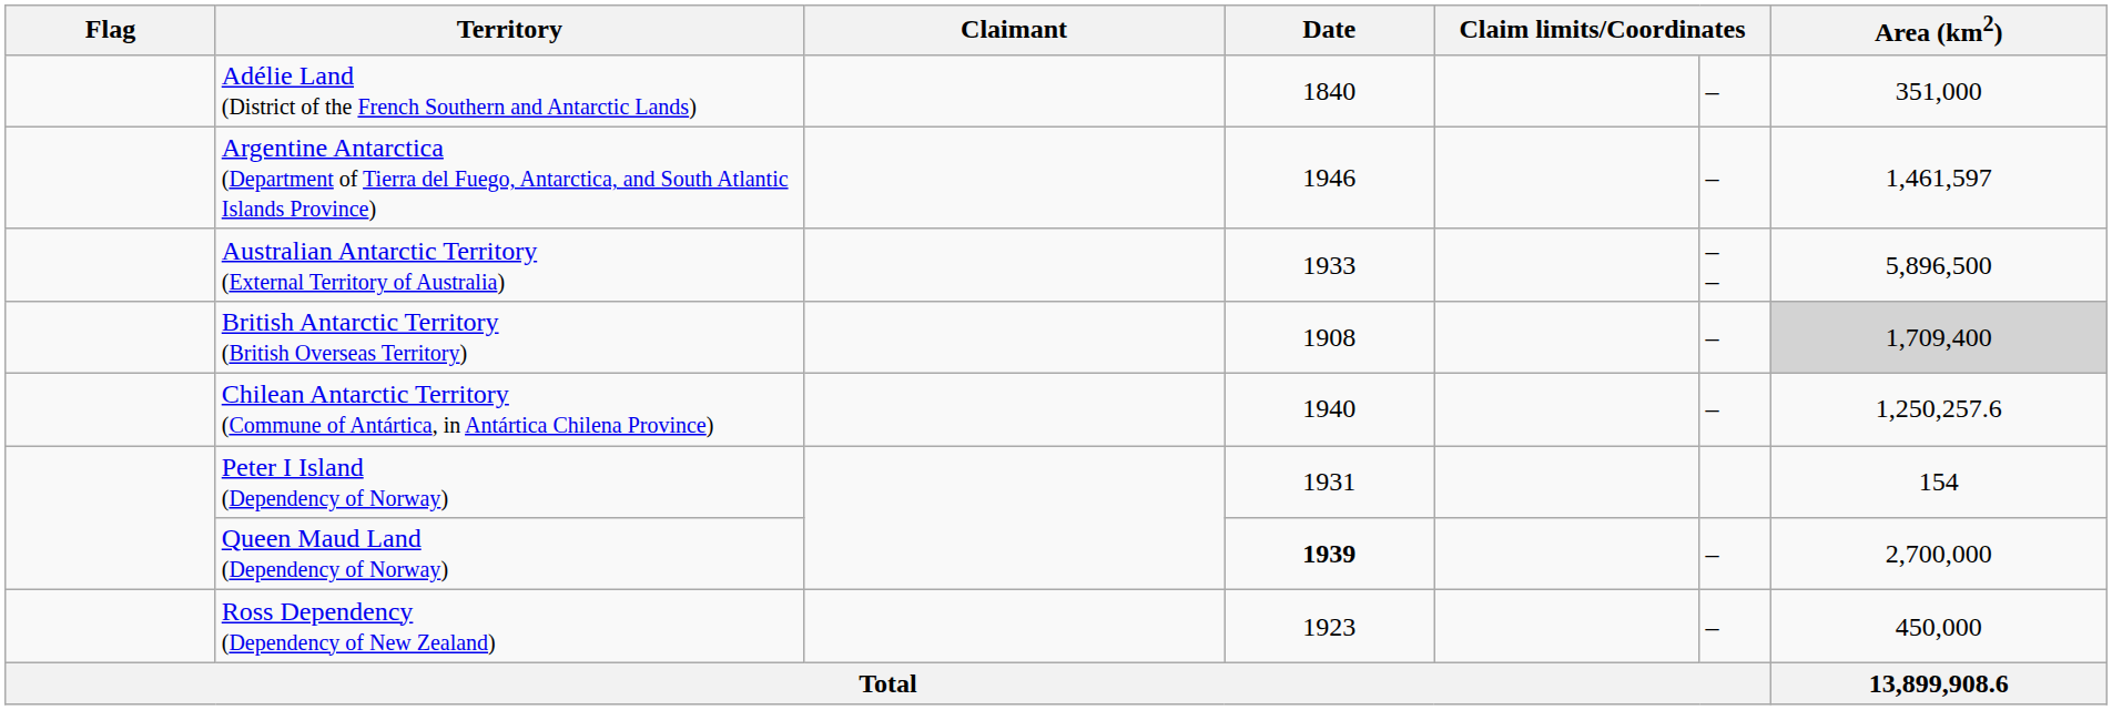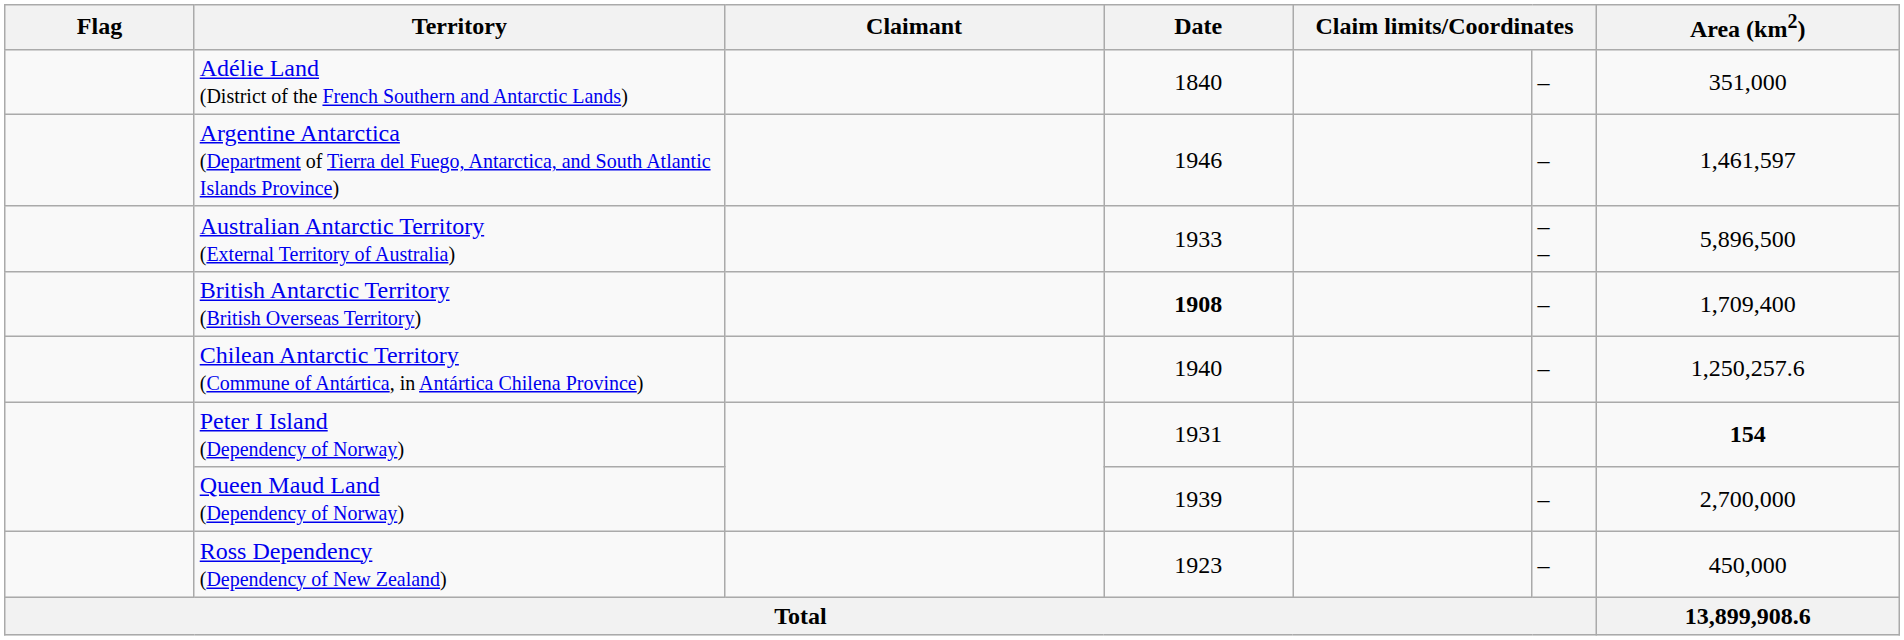 <table class="wikitable plainlinks" style="width: 100%;">
 <tr>
 <th style="width: 10%;">Flag</th>
 <th style="width: 28%;">Territory</th>
 <th style="width: 20%;">Claimant</th>
 <th style="width: 10%;">Date</th>
 <th style="width: 16%;" colspan="2">Claim limits/Coordinates</th>
 <th style="width: 16%;">Area (km<sup>2</sup>)</th>
 </tr>
 <tr>
 <td style="text-align: center;"></td>
 <td><a href='#'>Adélie Land</a><br><small>(District of the <a href='#'>French Southern and Antarctic Lands</a>)</small></td>
 <td></td>
 <td style="text-align: center;">1840</td>
 <td style="text-align: center;"></td>
 <td>–</td>
 <td style="text-align: center;">351,000</td>
 </tr>
 <tr>
 <td style="text-align: center;"></td>
 <td><a href='#'>Argentine Antarctica</a><br><small>(<a href='#'>Department</a> of <a href='#'>Tierra del Fuego, Antarctica, and South Atlantic Islands Province</a>)</small></td>
 <td></td>
 <td style="text-align: center;">1946</td>
 <td style="text-align: center;"></td>
 <td>–</td>
 <td style="text-align: center;">1,461,597</td>
 </tr>
 <tr>
 <td style="text-align: center;"></td>
 <td><a href='#'>Australian Antarctic Territory</a><br><small>(<a href='#'>External Territory of Australia</a>)</small></td>
 <td></td>
 <td style="text-align: center;">1933</td>
 <td style="text-align: center;"></td>
 <td>–<br>–</td>
 <td style="text-align: center;">5,896,500</td>
 </tr>
 <tr>
 <td style="text-align: center; width: 50px;"></td>
 <td><a href='#'>British Antarctic Territory</a><br><small>(<a href='#'>British Overseas Territory</a>)</small></td>
 <td></td>
-<td style="text-align: center;">1908</td>
+<td style="text-align: center;"><strong>1908</strong></td>
 <td style="text-align: center; width: 50px;"></td>
 <td>–</td>
-<td style="background: lightgrey; text-align: center;">1,709,400</td>
+<td style="text-align: center;">1,709,400</td>
 </tr>
 <tr>
 <td style="text-align: center;"></td>
 <td><a href='#'>Chilean Antarctic Territory</a><br><small>(<a href='#'>Commune of Antártica</a>, in <a href='#'>Antártica Chilena Province</a>)</small></td>
 <td></td>
 <td style="text-align: center;">1940</td>
 <td style="text-align: center;"></td>
 <td>–</td>
 <td style="text-align: center;">1,250,257.6</td>
 </tr>
 <tr>
 <td rowspan="2" style="text-align: center;"></td>
 <td><a href='#'>Peter I Island</a><br><small>(<a href='#'>Dependency of Norway</a>)</small></td>
 <td rowspan="2"></td>
 <td style="text-align: center;">1931</td>
 <td style="text-align: center;"></td>
 <td></td>
-<td style="text-align: center;">154</td>
+<td style="text-align: center;"><strong>154</strong></td>
 </tr>
 <tr>
 <td><a href='#'>Queen Maud Land</a><br><small>(<a href='#'>Dependency of Norway</a>)</small></td>
-<td style="text-align: center;"><strong>1939</strong></td>
+<td style="text-align: center;">1939</td>
 <td style="text-align: center;"></td>
 <td>–</td>
 <td style="text-align: center;">2,700,000</td>
 </tr>
 <tr>
 <td style="text-align: center;"></td>
 <td><a href='#'>Ross Dependency</a><br><small>(<a href='#'>Dependency of New Zealand</a>)</small></td>
 <td></td>
 <td style="text-align: center;">1923</td>
 <td style="text-align: center;"></td>
 <td>–</td>
 <td style="text-align: center;">450,000</td>
 </tr>
 <tr>
 <th colspan=6>Total</th>
 <th>13,899,908.6</th>
 </tr>
 </table>
